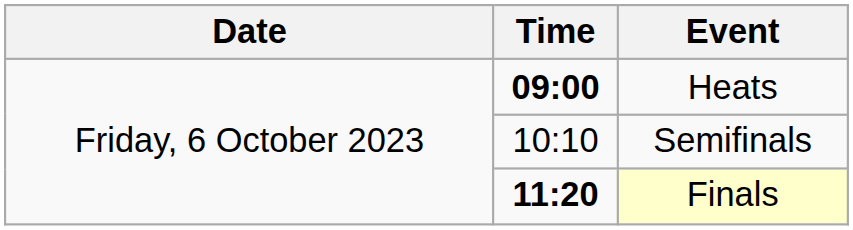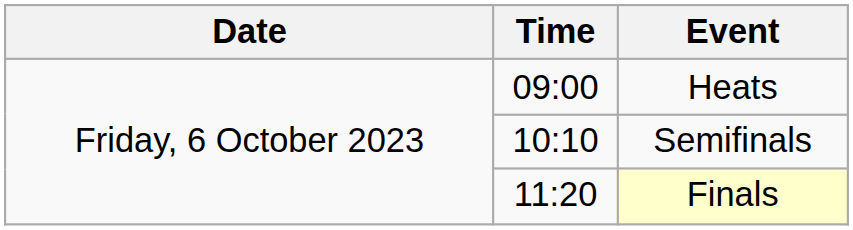 <table class = "wikitable" style="text-align:center;">
 <tr>
 <th width=220>Date</th>
 <th width=50>Time</th>
 <th width=100>Event</th>
 </tr>
 <tr>
 <td rowspan=3>Friday, 6 October 2023</td>
-<td><strong>09:00</strong></td>
+<td>09:00</td>
 <td>Heats</td>
 </tr>
 <tr>
 <td>10:10</td>
 <td>Semifinals</td>
 </tr>
 <tr>
-<td><strong>11:20</strong></td>
+<td>11:20</td>
 <td bgcolor=ffffcc>Finals</td>
 </tr>
 </table>
